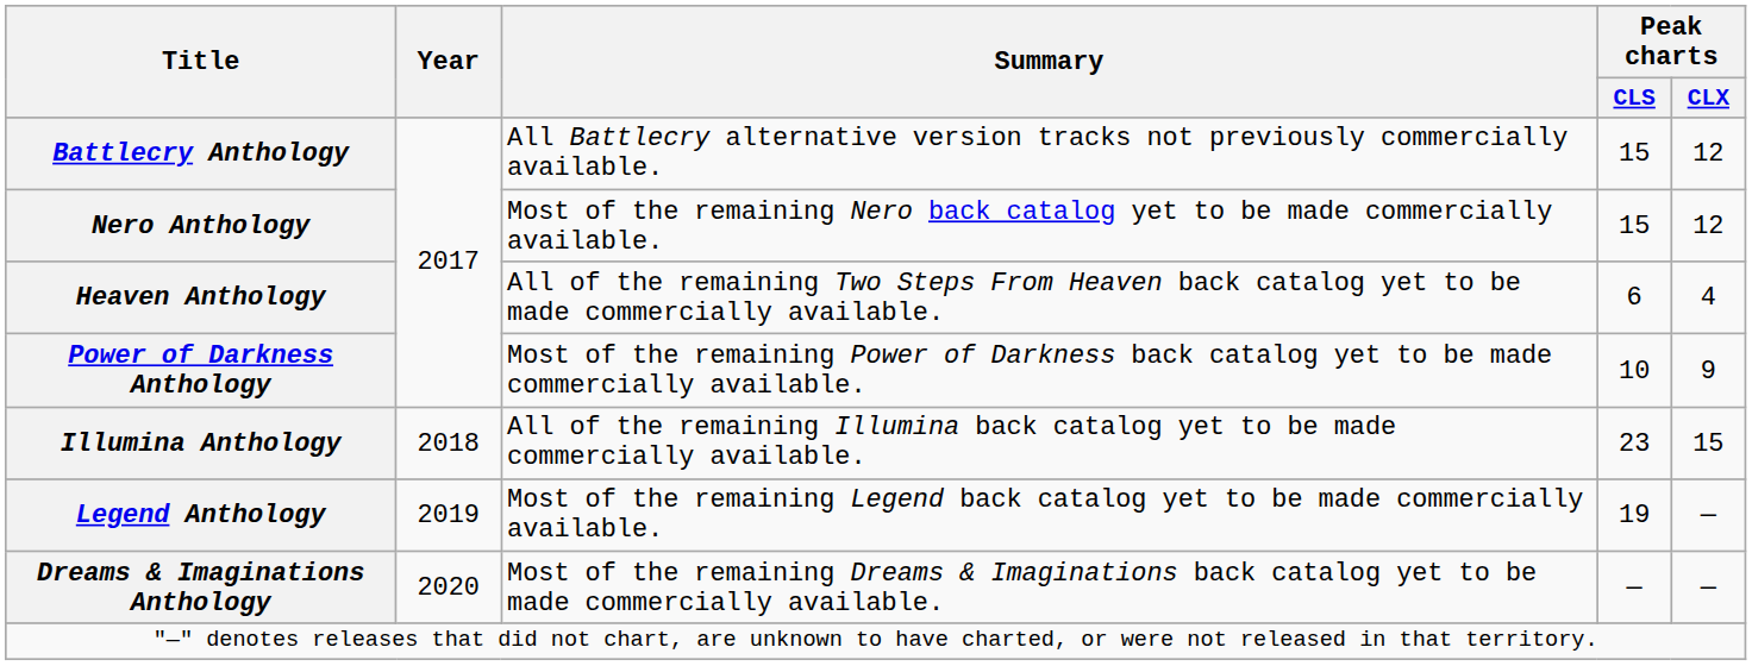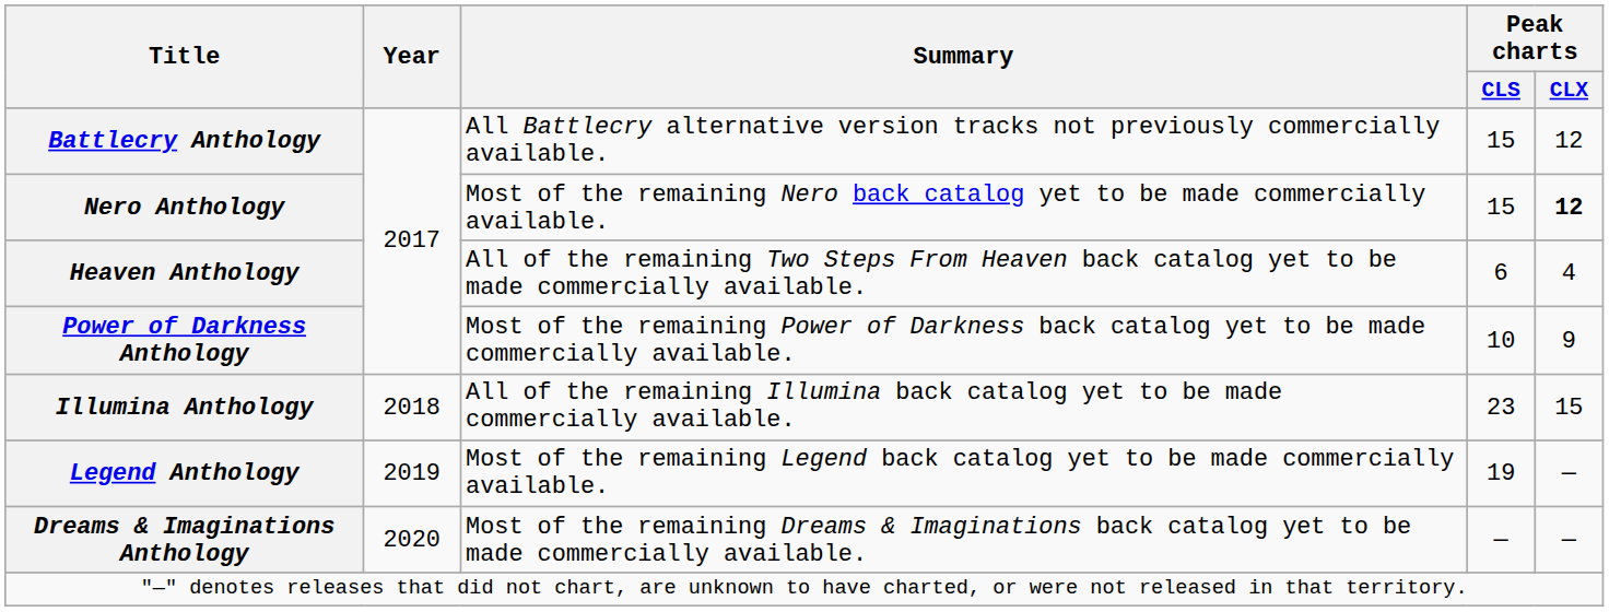 <table class="wikitable plainrowheaders" style="text-align:center;">
 <tr>
 <th rowspan="2" scope="col" style="width:17.2em;">Title</th>
 <th rowspan="2" style="width:4em;">Year</th>
 <th rowspan="2" scope="col" style="width:54.3em;">Summary</th>
 <th colspan="2" scope="col">Peak charts</th>
 </tr>
 <tr>
 <th scope="col" style="width:3em;font-size:90%;"><a href='#'>CLS</a></th>
 <th scope="col" style="width:3em;font-size:90%;"><a href='#'>CLX</a></th>
 </tr>
 <tr>
 <th scope="row"><em><a href='#'>Battlecry</a> Anthology</em></th>
 <td rowspan="4">2017</td>
 <td style="text-align:left;">All <em>Battlecry</em> alternative version tracks not previously commercially available.</td>
 <td>15</td>
 <td>12</td>
 </tr>
 <tr>
 <th scope="row"><em>Nero Anthology</em></th>
 <td style="text-align:left;">Most of the remaining <em>Nero</em> <a href='#'>back catalog</a> yet to be made commercially available.</td>
 <td>15</td>
-<td>12</td>
+<td><strong>12</strong></td>
 </tr>
 <tr>
 <th scope="row"><em>Heaven Anthology</em></th>
 <td style="text-align:left;">All of the remaining <em>Two Steps From Heaven</em> back catalog yet to be made commercially available.</td>
 <td>6</td>
 <td>4</td>
 </tr>
 <tr>
 <th scope="row"><em><a href='#'>Power of Darkness</a> Anthology</em></th>
 <td style="text-align:left;">Most of the remaining <em>Power of Darkness</em> back catalog yet to be made commercially available.</td>
 <td>10</td>
 <td>9</td>
 </tr>
 <tr>
 <th scope="row"><em>Illumina Anthology</em></th>
 <td>2018</td>
 <td style="text-align:left;">All of the remaining <em>Illumina</em> back catalog yet to be made commercially available.</td>
 <td>23</td>
 <td>15</td>
 </tr>
 <tr>
 <th scope="row"><em><a href='#'>Legend</a> Anthology</em></th>
 <td>2019</td>
 <td style="text-align:left;">Most of the remaining <em>Legend</em> back catalog yet to be made commercially available.</td>
 <td>19</td>
 <td>—</td>
 </tr>
 <tr>
 <th scope="row"><em>Dreams & Imaginations Anthology</em></th>
 <td>2020</td>
 <td style="text-align:left;">Most of the remaining <em>Dreams & Imaginations</em> back catalog yet to be made commercially available.</td>
 <td>—</td>
 <td>—</td>
 </tr>
 <tr>
 <td colspan="5" style="font-size:85%;">"—" denotes releases that did not chart, are unknown to have charted, or were not released in that territory.</td>
 </tr>
 </table>
